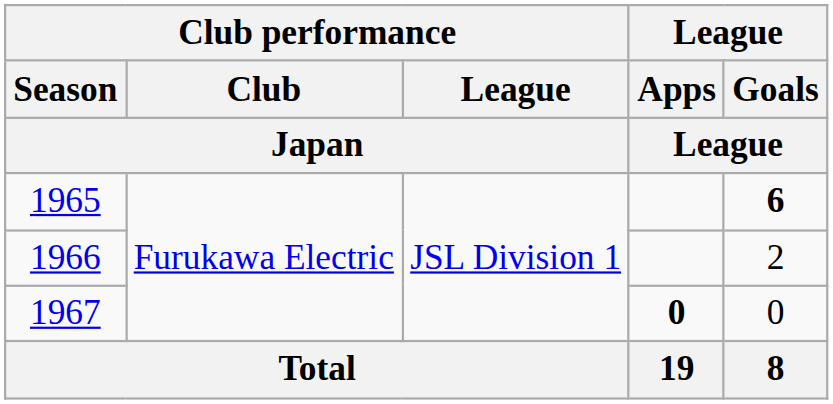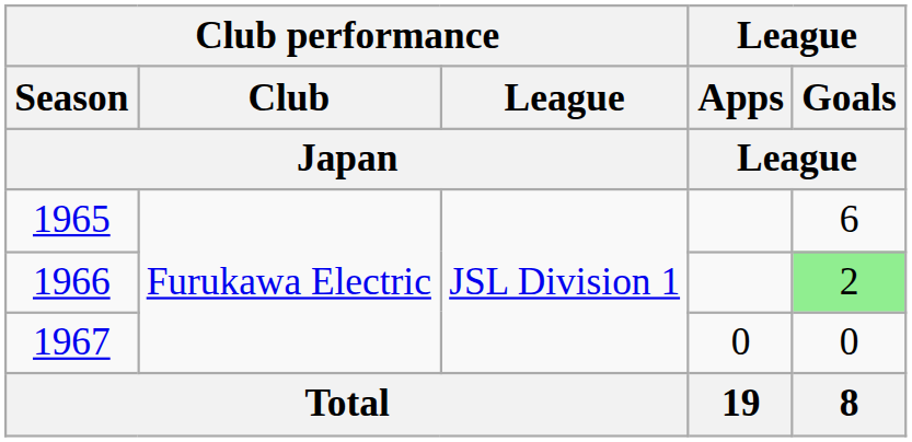 <table class="wikitable" style="text-align:center;">
 <tr>
 <th colspan=3>Club performance</th>
 <th colspan=2>League</th>
 </tr>
 <tr>
 <th>Season</th>
 <th>Club</th>
 <th>League</th>
 <th>Apps</th>
 <th>Goals</th>
 </tr>
 <tr>
 <th colspan=3>Japan</th>
 <th colspan=2>League</th>
 </tr>
 <tr>
 <td><a href='#'>1965</a></td>
 <td rowspan="3"><a href='#'>Furukawa Electric</a></td>
 <td rowspan="3"><a href='#'>JSL Division 1</a></td>
 <td></td>
-<td><strong>6</strong></td>
+<td>6</td>
 </tr>
 <tr>
 <td><a href='#'>1966</a></td>
 <td></td>
-<td>2</td>
+<td style="background: lightgreen;">2</td>
 </tr>
 <tr>
 <td><a href='#'>1967</a></td>
-<td><strong>0</strong></td>
+<td>0</td>
 <td>0</td>
 </tr>
 <tr>
 <th colspan=3>Total</th>
 <th>19</th>
 <th>8</th>
 </tr>
 </table>
